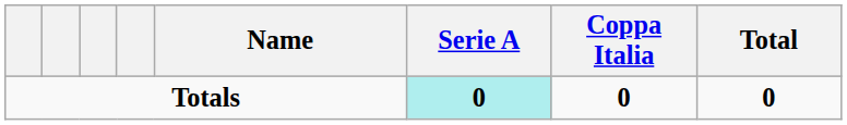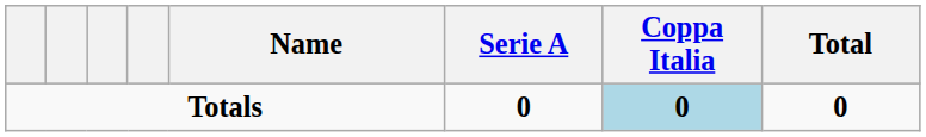 <table class="wikitable" style="text-align:center">
 <tr>
 <th width=15></th>
 <th width=15></th>
 <th width=15></th>
 <th width=15></th>
 <th width=145>Name</th>
 <th width=80><a href='#'>Serie A</a></th>
 <th width=80><a href='#'>Coppa Italia</a></th>
 <th width=80>Total</th>
 </tr>
 <tr>
 <td colspan=5><strong>Totals</strong></td>
-<td style="background: paleturquoise;"><strong>0</strong></td>
 <td><strong>0</strong></td>
+<td style="background: lightblue;"><strong>0</strong></td>
 <td><strong>0</strong></td>
 </tr>
 </table>
